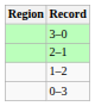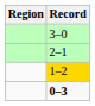 <table class="wikitable">
 <tr>
 <th>Region</th>
 <th>Record</th>
 </tr>
 <tr bgcolor=#bbffbb>
 <td></td>
 <td>3–0</td>
 </tr>
 <tr bgcolor=#bbffbb>
 <td></td>
 <td>2–1</td>
 </tr>
 <tr>
 <td></td>
-<td>1–2</td>
+<td style="background: gold;">1–2</td>
 </tr>
 <tr>
 <td></td>
-<td>0–3</td>
+<td><strong>0–3</strong></td>
 </tr>
 </table>
